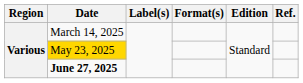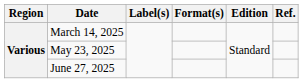 <table class="wikitable plainrowheaders">
 <tr>
 <th scope="col">Region</th>
 <th scope="col">Date</th>
 <th scope="col">Label(s)</th>
 <th scope="col">Format(s)</th>
 <th scope="col">Edition</th>
 <th scope="col">Ref.</th>
 </tr>
 <tr>
 <th rowspan="3" scope="row">Various</th>
 <td>March 14, 2025</td>
 <td rowspan="3"></td>
 <td></td>
 <td rowspan="3">Standard</td>
 <td></td>
 </tr>
 <tr>
-<td style="background: gold;">May 23, 2025</td>
+<td>May 23, 2025</td>
 <td></td>
 <td></td>
 </tr>
 <tr>
-<td><strong>June 27, 2025</strong></td>
+<td>June 27, 2025</td>
 <td></td>
 <td></td>
 </tr>
 </table>
